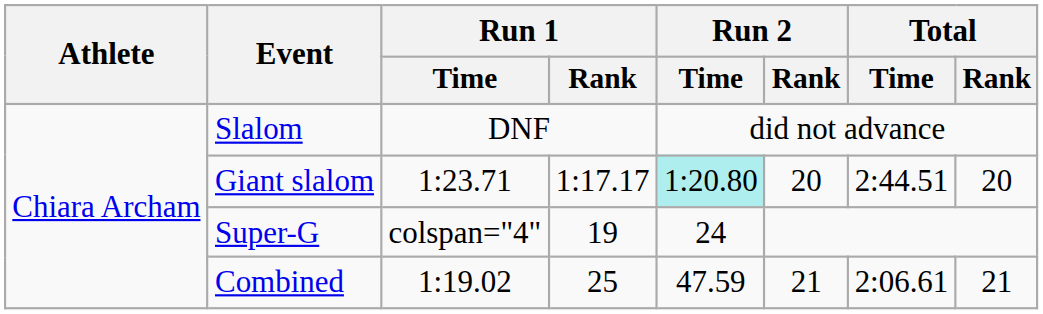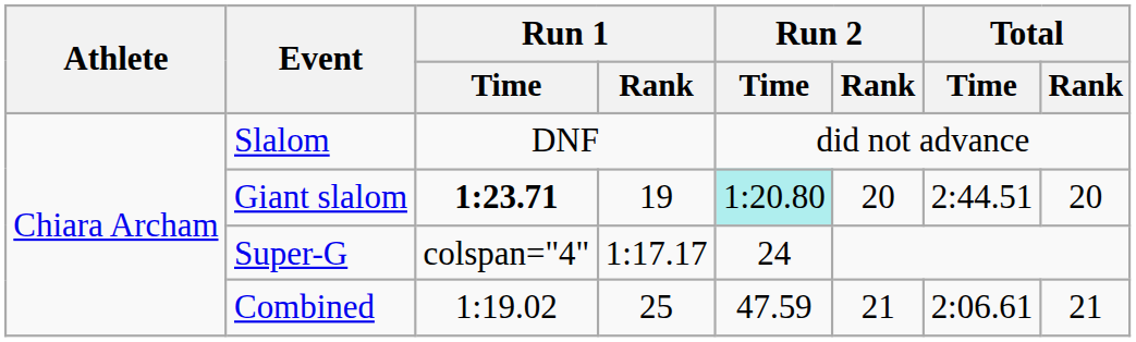 <table class="wikitable" style="font-size:90%">
 <tr>
 <th rowspan=2>Athlete</th>
 <th rowspan=2>Event</th>
 <th colspan=2>Run 1</th>
 <th colspan=2>Run 2</th>
 <th colspan=2>Total</th>
 </tr>
 <tr style="font-size:95%">
 <th>Time</th>
 <th>Rank</th>
 <th>Time</th>
 <th>Rank</th>
 <th>Time</th>
 <th>Rank</th>
 </tr>
 <tr align=center>
 <td align="left" rowspan="4"><a href='#'>Chiara Archam</a></td>
 <td align="left"><a href='#'>Slalom</a></td>
 <td colspan=2>DNF</td>
 <td colspan=4>did not advance</td>
 </tr>
 <tr align=center>
 <td align="left"><a href='#'>Giant slalom</a></td>
-<td>1:23.71</td>
-<td>1:17.17</td>
+<td><strong>1:23.71</strong></td>
+<td>19</td>
 <td style="background: paleturquoise;">1:20.80</td>
 <td>20</td>
 <td>2:44.51</td>
 <td>20</td>
 </tr>
 <tr align=center>
 <td align="left"><a href='#'>Super-G</a></td>
 <td>colspan="4" </td>
-<td>19</td>
+<td>1:17.17</td>
 <td>24</td>
 </tr>
 <tr align=center>
 <td align="left"><a href='#'>Combined</a></td>
 <td>1:19.02</td>
 <td>25</td>
 <td>47.59</td>
 <td>21</td>
 <td>2:06.61</td>
 <td>21</td>
 </tr>
 </table>
